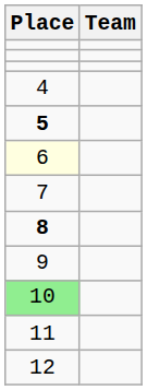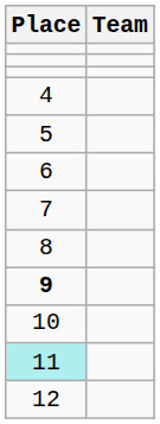 <table class="wikitable">
 <tr>
 <th>Place</th>
 <th>Team</th>
 </tr>
 <tr>
 <td align="center"></td>
 <td></td>
 </tr>
 <tr>
 <td align="center"></td>
 <td></td>
 </tr>
 <tr>
 <td align="center"></td>
 <td></td>
 </tr>
 <tr>
 <td align="center">4</td>
 <td></td>
 </tr>
 <tr>
-<td align="center"><strong>5</strong></td>
+<td align="center">5</td>
 <td></td>
 </tr>
 <tr>
-<td align="center" style="background: lightyellow;">6</td>
+<td align="center">6</td>
 <td></td>
 </tr>
 <tr>
 <td align="center">7</td>
 <td></td>
 </tr>
 <tr>
-<td align="center"><strong>8</strong></td>
+<td align="center">8</td>
 <td></td>
 </tr>
 <tr>
-<td align="center">9</td>
+<td align="center"><strong>9</strong></td>
 <td></td>
 </tr>
 <tr>
-<td align="center" style="background: lightgreen;">10</td>
+<td align="center">10</td>
 <td></td>
 </tr>
 <tr>
-<td align="center">11</td>
+<td align="center" style="background: paleturquoise;">11</td>
 <td></td>
 </tr>
 <tr>
 <td align="center">12</td>
 <td></td>
 </tr>
 </table>
